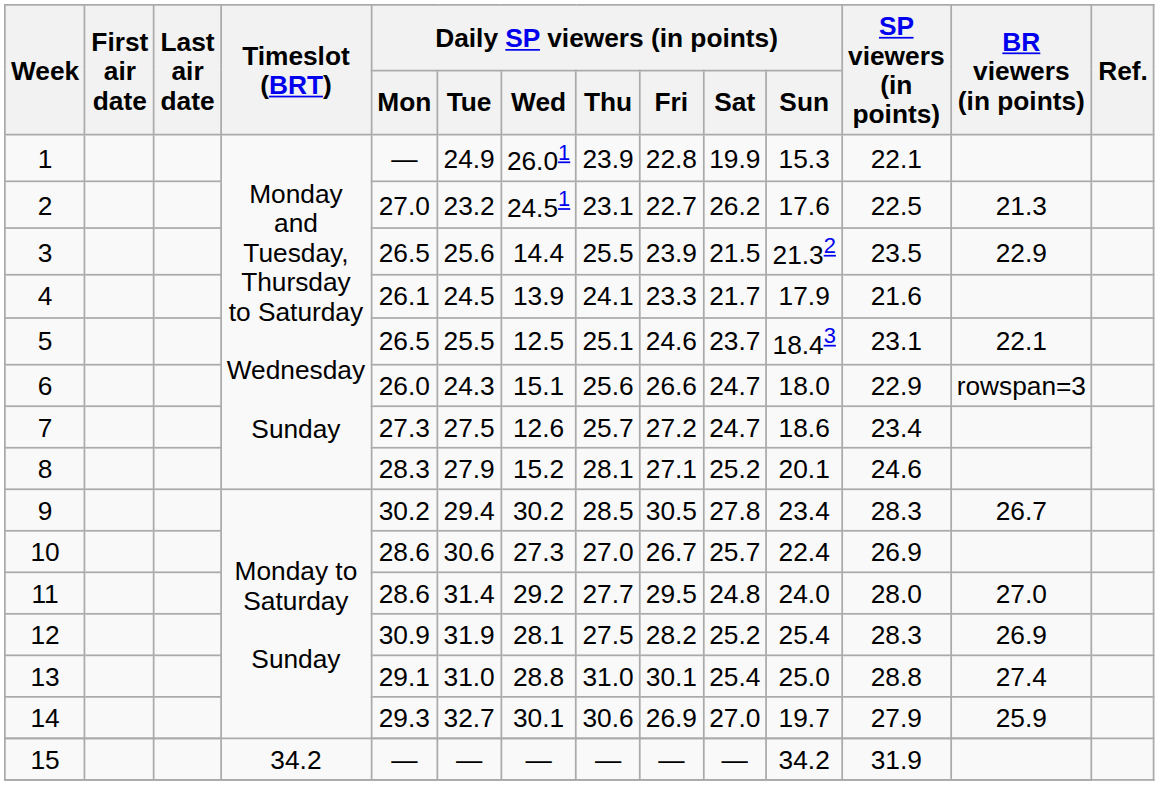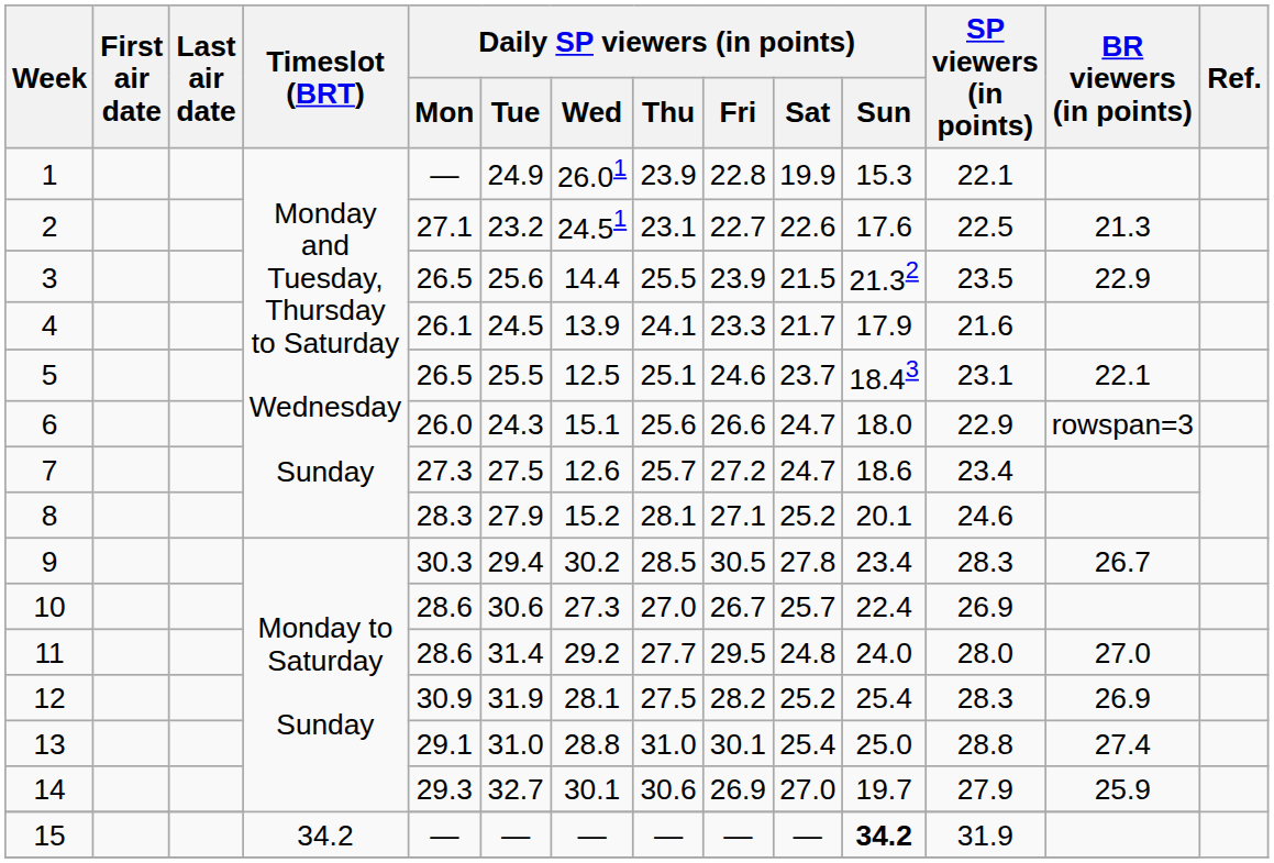 <table class="wikitable sortable" style="text-align:center; font-size:95%; width: 100%">
 <tr>
 <th rowspan=2 width="05.0%">Week</th>
 <th rowspan=2 width="12.0%">First air date</th>
 <th rowspan=2 width="12.0%">Last air date</th>
 <th rowspan=2 width="13.5%">Timeslot (<a href='#'>BRT</a>)</th>
 <th colspan=7 width="35.0%">Daily <a href='#'>SP</a> viewers (in points)</th>
 <th rowspan=2 width="10.0%"><a href='#'>SP</a> viewers<br>(in points)</th>
 <th rowspan=2 width="10.0%"><a href='#'>BR</a> viewers<br>(in points)</th>
 <th rowspan=2 width="05.0%">Ref.</th>
 </tr>
 <tr>
 <th width="05%">Mon</th>
 <th width="05%">Tue</th>
 <th width="05%">Wed</th>
 <th width="05%">Thu</th>
 <th width="05%">Fri</th>
 <th width="05%">Sat</th>
 <th width="05%">Sun</th>
 </tr>
 <tr>
 <td>1</td>
 <td></td>
 <td></td>
 <td rowspan=8>Monday and Tuesday,<br>Thursday to Saturday<br><br>Wednesday<br><br>Sunday<br></td>
 <td>—</td>
 <td>24.9</td>
 <td>26.0<sup><a href='#'>1</a></sup></td>
 <td>23.9</td>
 <td>22.8</td>
 <td>19.9</td>
 <td>15.3</td>
 <td>22.1</td>
 <td></td>
 <td></td>
 </tr>
 <tr>
 <td>2</td>
 <td></td>
 <td></td>
-<td>27.0</td>
+<td>27.1</td>
 <td>23.2</td>
 <td>24.5<sup><a href='#'>1</a></sup></td>
 <td>23.1</td>
 <td>22.7</td>
-<td>26.2</td>
+<td>22.6</td>
 <td>17.6</td>
 <td>22.5</td>
 <td>21.3</td>
 <td></td>
 </tr>
 <tr>
 <td>3</td>
 <td></td>
 <td></td>
 <td>26.5</td>
 <td>25.6</td>
 <td>14.4</td>
 <td>25.5</td>
 <td>23.9</td>
 <td>21.5</td>
 <td>21.3<sup><a href='#'>2</a></sup></td>
 <td>23.5</td>
 <td>22.9</td>
 <td></td>
 </tr>
 <tr>
 <td>4</td>
 <td></td>
 <td></td>
 <td>26.1</td>
 <td>24.5</td>
 <td>13.9</td>
 <td>24.1</td>
 <td>23.3</td>
 <td>21.7</td>
 <td>17.9</td>
 <td>21.6</td>
 <td></td>
 <td></td>
 </tr>
 <tr>
 <td>5</td>
 <td></td>
 <td></td>
 <td>26.5</td>
 <td>25.5</td>
 <td>12.5</td>
 <td>25.1</td>
 <td>24.6</td>
 <td>23.7</td>
 <td>18.4<sup><a href='#'>3</a></sup></td>
 <td>23.1</td>
 <td>22.1</td>
 <td></td>
 </tr>
 <tr>
 <td>6</td>
 <td></td>
 <td></td>
 <td>26.0</td>
 <td>24.3</td>
 <td>15.1</td>
 <td>25.6</td>
 <td>26.6</td>
 <td>24.7</td>
 <td>18.0</td>
 <td>22.9</td>
 <td>rowspan=3 </td>
 <td></td>
 </tr>
 <tr>
 <td>7</td>
 <td></td>
 <td></td>
 <td>27.3</td>
 <td>27.5</td>
 <td>12.6</td>
 <td>25.7</td>
 <td>27.2</td>
 <td>24.7</td>
 <td>18.6</td>
 <td>23.4</td>
 <td></td>
 </tr>
 <tr>
 <td>8</td>
 <td></td>
 <td></td>
 <td>28.3</td>
 <td>27.9</td>
 <td>15.2</td>
 <td>28.1</td>
 <td>27.1</td>
 <td>25.2</td>
 <td>20.1</td>
 <td>24.6</td>
 <td></td>
 </tr>
 <tr>
 <td>9</td>
 <td></td>
 <td></td>
 <td rowspan=7>Monday to Saturday<br><br>Sunday<br></td>
-<td>30.2</td>
+<td>30.3</td>
 <td>29.4</td>
 <td>30.2</td>
 <td>28.5</td>
 <td>30.5</td>
 <td>27.8</td>
 <td>23.4</td>
 <td>28.3</td>
 <td>26.7</td>
 <td></td>
 </tr>
 <tr>
 <td>10</td>
 <td></td>
 <td></td>
 <td>28.6</td>
 <td>30.6</td>
 <td>27.3</td>
 <td>27.0</td>
 <td>26.7</td>
 <td>25.7</td>
 <td>22.4</td>
 <td>26.9</td>
 <td></td>
 <td></td>
 </tr>
 <tr>
 <td>11</td>
 <td></td>
 <td></td>
 <td>28.6</td>
 <td>31.4</td>
 <td>29.2</td>
 <td>27.7</td>
 <td>29.5</td>
 <td>24.8</td>
 <td>24.0</td>
 <td>28.0</td>
 <td>27.0</td>
 <td></td>
 </tr>
 <tr>
 <td>12</td>
 <td></td>
 <td></td>
 <td>30.9</td>
 <td>31.9</td>
 <td>28.1</td>
 <td>27.5</td>
 <td>28.2</td>
 <td>25.2</td>
 <td>25.4</td>
 <td>28.3</td>
 <td>26.9</td>
 <td></td>
 </tr>
 <tr>
 <td>13</td>
 <td></td>
 <td></td>
 <td>29.1</td>
 <td>31.0</td>
 <td>28.8</td>
 <td>31.0</td>
 <td>30.1</td>
 <td>25.4</td>
 <td>25.0</td>
 <td>28.8</td>
 <td>27.4</td>
 <td></td>
 </tr>
 <tr>
 <td>14</td>
 <td></td>
 <td></td>
 <td>29.3</td>
 <td>32.7</td>
 <td>30.1</td>
 <td>30.6</td>
 <td>26.9</td>
 <td>27.0</td>
 <td>19.7</td>
 <td>27.9</td>
 <td>25.9</td>
 <td></td>
 </tr>
 <tr>
 </tr>
 <tr>
 <td>15</td>
 <td></td>
 <td></td>
 <td>34.2</td>
 <td>—</td>
 <td>—</td>
 <td>—</td>
 <td>—</td>
 <td>—</td>
 <td>—</td>
-<td>34.2</td>
+<td><strong>34.2</strong></td>
 <td>31.9</td>
 <td></td>
 </tr>
 <tr>
 </tr>
 </table>
